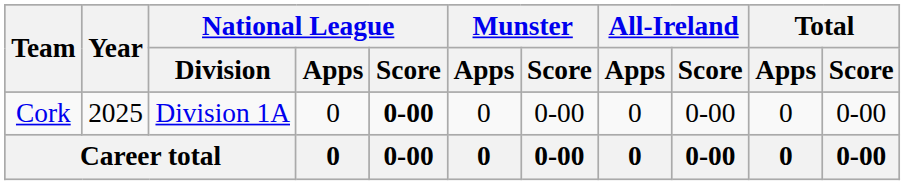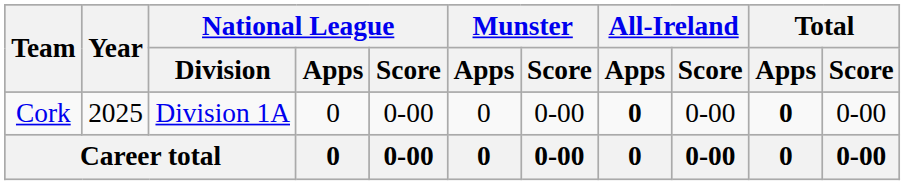 <table class="wikitable" style="text-align:center">
 <tr>
 <th rowspan="2">Team</th>
 <th rowspan="2">Year</th>
 <th colspan="3"><a href='#'>National League</a></th>
 <th colspan="2"><a href='#'>Munster</a></th>
 <th colspan="2"><a href='#'>All-Ireland</a></th>
 <th colspan="2">Total</th>
 </tr>
 <tr>
 <th>Division</th>
 <th>Apps</th>
 <th>Score</th>
 <th>Apps</th>
 <th>Score</th>
 <th>Apps</th>
 <th>Score</th>
 <th>Apps</th>
 <th>Score</th>
 </tr>
 <tr>
 <td rowspan="1"><a href='#'>Cork</a></td>
 <td>2025</td>
 <td rowspan="1"><a href='#'>Division 1A</a></td>
 <td>0</td>
-<td><strong>0-00</strong></td>
-<td>0</td>
 <td>0-00</td>
 <td>0</td>
 <td>0-00</td>
-<td>0</td>
+<td><strong>0</strong></td>
+<td>0-00</td>
+<td><strong>0</strong></td>
 <td>0-00</td>
 </tr>
 <tr>
 <th colspan="3">Career total</th>
 <th>0</th>
 <th>0-00</th>
 <th>0</th>
 <th>0-00</th>
 <th>0</th>
 <th>0-00</th>
 <th>0</th>
 <th>0-00</th>
 </tr>
 </table>
